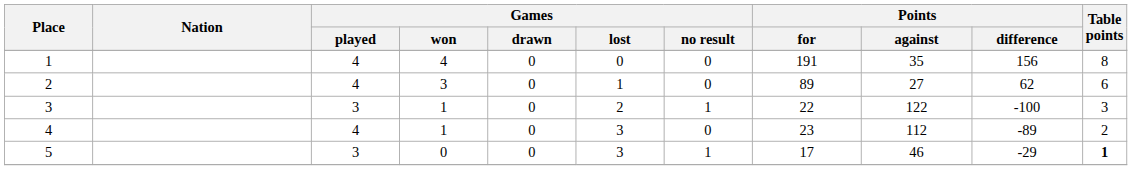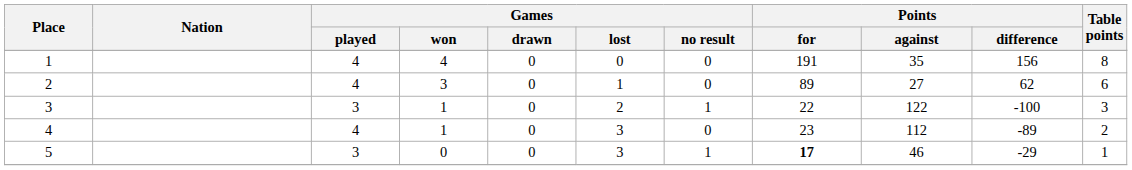 <table class="wikitable">
 <tr>
 <th rowspan=2 width="8%">Place</th>
 <th rowspan=2 width="20%">Nation</th>
 <th colspan=5 width="32%">Games</th>
 <th colspan=3 width="30%">Points</th>
 <th rowspan=2 width="10%">Table<br>points</th>
 </tr>
 <tr>
 <th width="8%">played</th>
 <th width="8%">won</th>
 <th width="8%">drawn</th>
 <th width="8%">lost</th>
 <th width="8%">no result</th>
 <th width="10%">for</th>
 <th width="10%">against</th>
 <th width="10%">difference</th>
 </tr>
 <tr>
 </tr>
 <tr bgcolor=#ffffff align=center>
 <td>1</td>
 <td align=left><strong></strong></td>
 <td>4</td>
 <td>4</td>
 <td>0</td>
 <td>0</td>
 <td>0</td>
 <td>191</td>
 <td>35</td>
 <td>156</td>
 <td>8</td>
 </tr>
 <tr bgcolor=#ffffff align=center>
 <td>2</td>
 <td align=left></td>
 <td>4</td>
 <td>3</td>
 <td>0</td>
 <td>1</td>
 <td>0</td>
 <td>89</td>
 <td>27</td>
 <td>62</td>
 <td>6</td>
 </tr>
 <tr bgcolor=#ffffff align=center>
 <td>3</td>
 <td align=left></td>
 <td>3</td>
 <td>1</td>
 <td>0</td>
 <td>2</td>
 <td>1</td>
 <td>22</td>
 <td>122</td>
 <td>-100</td>
 <td>3</td>
 </tr>
 <tr bgcolor=#ffffff align=center>
 <td>4</td>
 <td align=left></td>
 <td>4</td>
 <td>1</td>
 <td>0</td>
 <td>3</td>
 <td>0</td>
 <td>23</td>
 <td>112</td>
 <td>-89</td>
 <td>2</td>
 </tr>
 <tr bgcolor=#ffffff align=center>
 <td>5</td>
 <td align=left></td>
 <td>3</td>
 <td>0</td>
 <td>0</td>
 <td>3</td>
 <td>1</td>
-<td>17</td>
+<td><strong>17</strong></td>
 <td>46</td>
 <td>-29</td>
-<td><strong>1</strong></td>
+<td>1</td>
 </tr>
 <tr bgcolor=#ffcccc align=center>
 </tr>
 </table>
